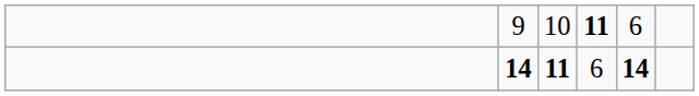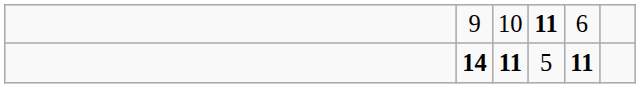 <table class="wikitable">
 <tr>
 <td style="width:18em"></td>
 <td align=center style="width:1em">9</td>
 <td align=center style="width:1em">10</td>
 <td align=center style="width:1em"><strong>11</strong></td>
 <td align=center style="width:1em">6</td>
 <td align=center style="width:1em"></td>
 </tr>
 <tr>
 <td style="width:18em"><strong></strong></td>
 <td align=center style="width:1em"><strong>14</strong></td>
 <td align=center style="width:1em"><strong>11</strong></td>
-<td align=center style="width:1em">6</td>
-<td align=center style="width:1em"><strong>14</strong></td>
+<td align=center style="width:1em">5</td>
+<td align=center style="width:1em"><strong>11</strong></td>
 <td align=center style="width:1em"></td>
 </tr>
 </table>
